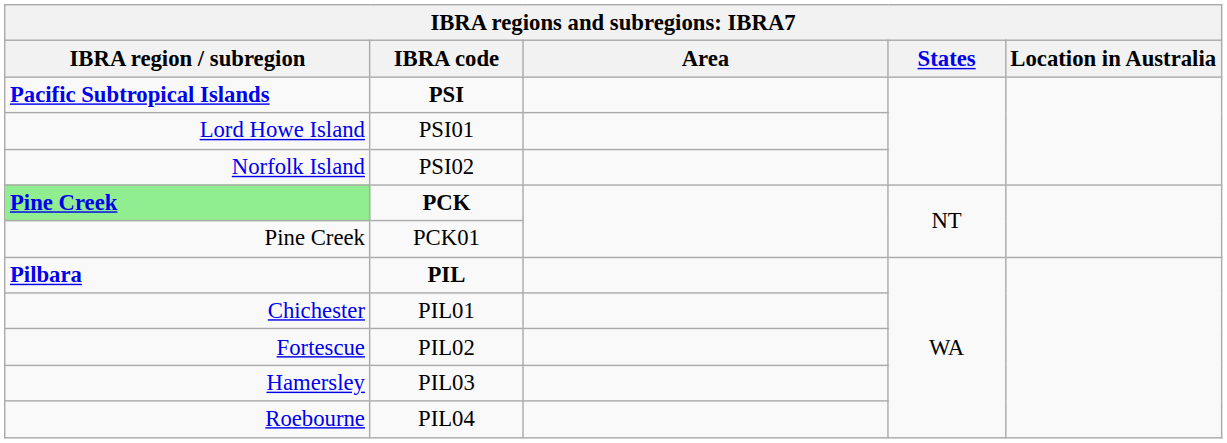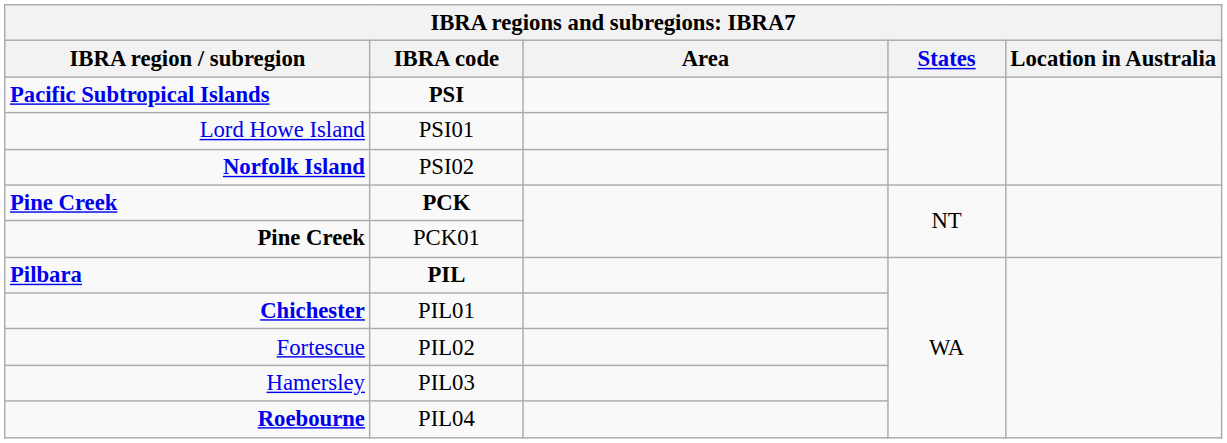 <table class="wikitable sortable">
 <tr>
 <th rowwidth=100px colspan=5>IBRA regions and subregions: IBRA7</th>
 </tr>
 <tr>
 <th scope="col" style="width:250px;">IBRA region / subregion</th>
 <th scope="col" style="width:100px;">IBRA code</th>
 <th scope="col" style="width:250px;">Area</th>
 <th scope="col" style="width:75px;"><a href='#'>States</a></th>
 <th>Location in Australia</th>
 </tr>
 <tr>
 <td><strong><a href='#'>Pacific Subtropical Islands</a></strong></td>
 <td style="text-align:center;"><strong>PSI</strong></td>
 <td align="right"><strong></strong></td>
 <td style="text-align:center;" rowspan="3"></td>
 <td style="text-align:center;" rowspan="3"></td>
 </tr>
 <tr>
 <td align="right"><a href='#'>Lord Howe Island</a></td>
 <td style="text-align:center;">PSI01</td>
 <td align="right"></td>
 </tr>
 <tr>
-<td align="right"><a href='#'>Norfolk Island</a></td>
+<td align="right"><strong><a href='#'>Norfolk Island</a></strong></td>
 <td style="text-align:center;">PSI02</td>
 <td align="right"></td>
 </tr>
 <tr>
-<td style="background: lightgreen;"><strong><a href='#'>Pine Creek</a></strong></td>
+<td><strong><a href='#'>Pine Creek</a></strong></td>
 <td style="text-align:center;"><strong>PCK</strong></td>
 <td style="text-align:right;" rowspan="2"><strong></strong></td>
 <td style="text-align:center;" rowspan="2">NT</td>
 <td style="text-align:center;" rowspan="2"></td>
 </tr>
 <tr>
-<td align="right">Pine Creek</td>
+<td align="right"><strong>Pine Creek</strong></td>
 <td style="text-align:center;">PCK01</td>
 </tr>
 <tr>
 <td><strong><a href='#'>Pilbara</a></strong></td>
 <td style="text-align:center;"><strong>PIL</strong></td>
 <td align="right"><strong></strong></td>
 <td style="text-align:center;" rowspan="5">WA</td>
 <td style="text-align:center;" rowspan="5"></td>
 </tr>
 <tr>
-<td align="right"><a href='#'>Chichester</a></td>
+<td align="right"><strong><a href='#'>Chichester</a></strong></td>
 <td style="text-align:center;">PIL01</td>
 <td align="right"></td>
 </tr>
 <tr>
 <td align="right"><a href='#'>Fortescue</a></td>
 <td style="text-align:center;">PIL02</td>
 <td align="right"></td>
 </tr>
 <tr>
 <td align="right"><a href='#'>Hamersley</a></td>
 <td style="text-align:center;">PIL03</td>
 <td align="right"></td>
 </tr>
 <tr>
-<td align="right"><a href='#'>Roebourne</a></td>
+<td align="right"><strong><a href='#'>Roebourne</a></strong></td>
 <td style="text-align:center;">PIL04</td>
 <td align="right"></td>
 </tr>
 </table>
